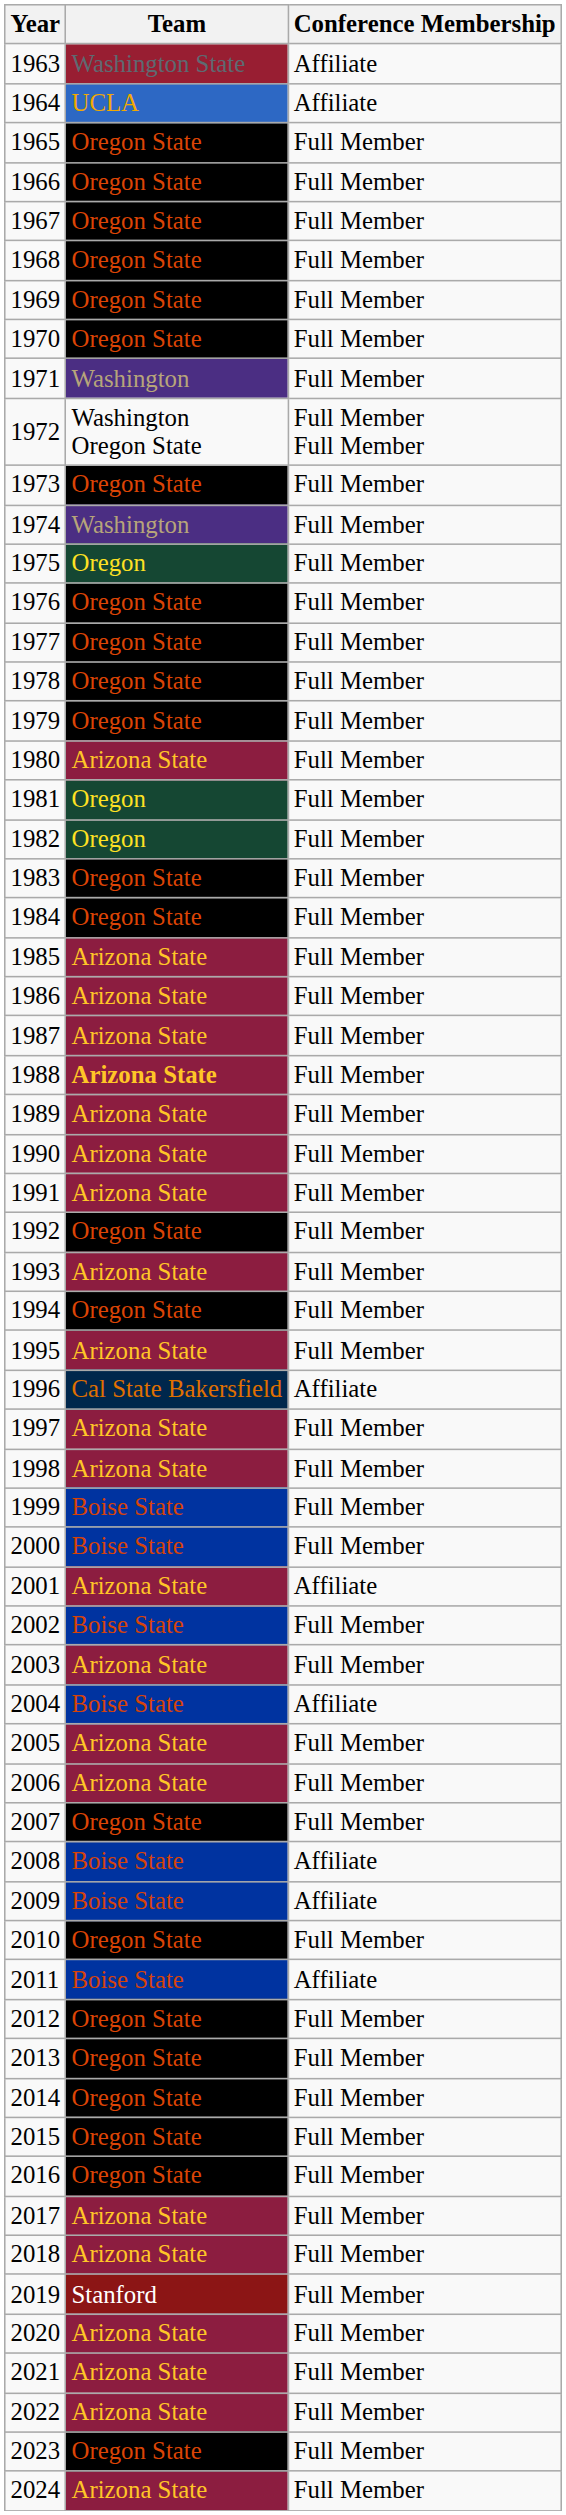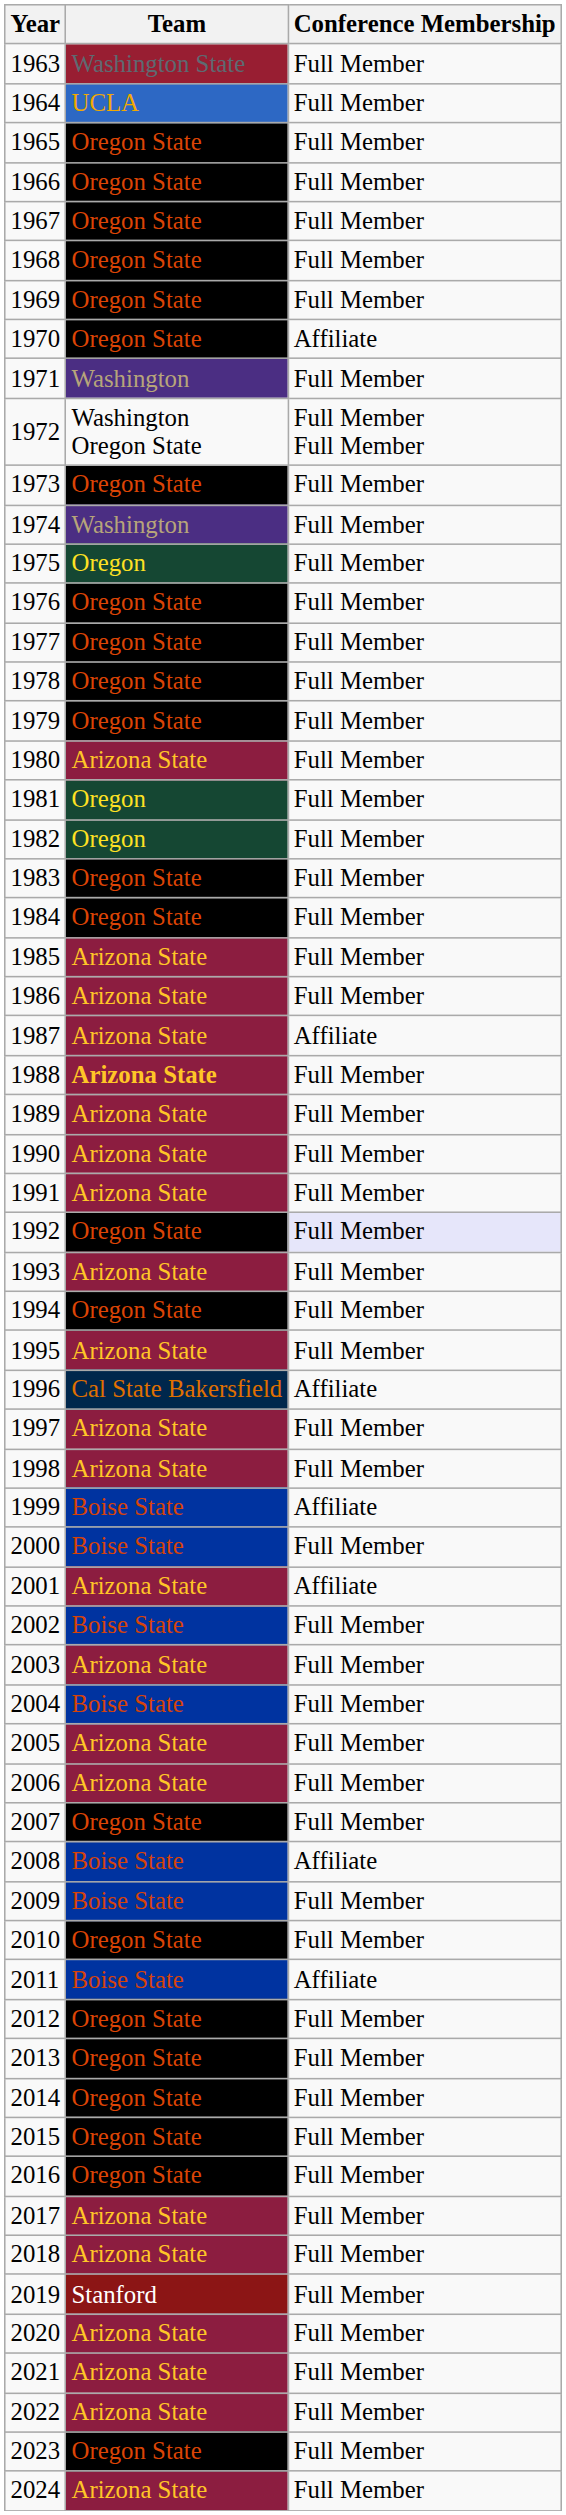 <table class="wikitable">
 <tr>
 <th>Year</th>
 <th>Team</th>
 <th>Conference Membership</th>
 </tr>
 <tr>
 <td>1963</td>
 <td style="background:#981E32; color:#5E6A71;">Washington State</td>
-<td>Affiliate</td>
+<td>Full Member</td>
 </tr>
 <tr>
 <td>1964</td>
 <td style="background:#2D68C4; color:#F2A900;">UCLA</td>
-<td>Affiliate</td>
+<td>Full Member</td>
 </tr>
 <tr>
 <td>1965</td>
 <td style="background:#000000; color:#DC4405;">Oregon State</td>
 <td>Full Member</td>
 </tr>
 <tr>
 <td>1966</td>
 <td style="background:#000000; color:#DC4405;">Oregon State</td>
 <td>Full Member</td>
 </tr>
 <tr>
 <td>1967</td>
 <td style="background:#000000; color:#DC4405;">Oregon State</td>
 <td>Full Member</td>
 </tr>
 <tr>
 <td>1968</td>
 <td style="background:#000000; color:#DC4405;">Oregon State</td>
 <td>Full Member</td>
 </tr>
 <tr>
 <td>1969</td>
 <td style="background:#000000; color:#DC4405;">Oregon State</td>
 <td>Full Member</td>
 </tr>
 <tr>
 <td>1970</td>
 <td style="background:#000000; color:#DC4405;">Oregon State</td>
-<td>Full Member</td>
+<td>Affiliate</td>
 </tr>
 <tr>
 <td>1971</td>
 <td style="background:#4B2E83; color:#B7A57A;">Washington</td>
 <td>Full Member</td>
 </tr>
 <tr>
 <td>1972</td>
 <td>Washington <br> Oregon State</td>
 <td>Full Member <br> Full Member</td>
 </tr>
 <tr>
 <td>1973</td>
 <td style="background:#000000; color:#DC4405;">Oregon State</td>
 <td>Full Member</td>
 </tr>
 <tr>
 <td>1974</td>
 <td style="background:#4B2E83; color:#B7A57A;">Washington</td>
 <td>Full Member</td>
 </tr>
 <tr>
 <td>1975</td>
 <td style="background:#154733; color:#FEE123;">Oregon</td>
 <td>Full Member</td>
 </tr>
 <tr>
 <td>1976</td>
 <td style="background:#000000; color:#DC4405;">Oregon State</td>
 <td>Full Member</td>
 </tr>
 <tr>
 <td>1977</td>
 <td style="background:#000000; color:#DC4405;">Oregon State</td>
 <td>Full Member</td>
 </tr>
 <tr>
 <td>1978</td>
 <td style="background:#000000; color:#DC4405;">Oregon State</td>
 <td>Full Member</td>
 </tr>
 <tr>
 <td>1979</td>
 <td style="background:#000000; color:#DC4405;">Oregon State</td>
 <td>Full Member</td>
 </tr>
 <tr>
 <td>1980</td>
 <td style="background:#8C1D40; color:#FFC627;">Arizona State</td>
 <td>Full Member</td>
 </tr>
 <tr>
 <td>1981</td>
 <td style="background:#154733; color:#FEE123;">Oregon</td>
 <td>Full Member</td>
 </tr>
 <tr>
 <td>1982</td>
 <td style="background:#154733; color:#FEE123;">Oregon</td>
 <td>Full Member</td>
 </tr>
 <tr>
 <td>1983</td>
 <td style="background:#000000; color:#DC4405;">Oregon State</td>
 <td>Full Member</td>
 </tr>
 <tr>
 <td>1984</td>
 <td style="background:#000000; color:#DC4405;">Oregon State</td>
 <td>Full Member</td>
 </tr>
 <tr>
 <td>1985</td>
 <td style="background:#8C1D40; color:#FFC627;">Arizona State</td>
 <td>Full Member</td>
 </tr>
 <tr>
 <td>1986</td>
 <td style="background:#8C1D40; color:#FFC627;">Arizona State</td>
 <td>Full Member</td>
 </tr>
 <tr>
 <td>1987</td>
 <td style="background:#8C1D40; color:#FFC627;">Arizona State</td>
-<td>Full Member</td>
+<td>Affiliate</td>
 </tr>
 <tr>
 <td>1988</td>
 <td style="background:#8C1D40; color:#FFC627;"><strong>Arizona State</strong></td>
 <td>Full Member</td>
 </tr>
 <tr>
 <td>1989</td>
 <td style="background:#8C1D40; color:#FFC627;">Arizona State</td>
 <td>Full Member</td>
 </tr>
 <tr>
 <td>1990</td>
 <td style="background:#8C1D40; color:#FFC627;">Arizona State</td>
 <td>Full Member</td>
 </tr>
 <tr>
 <td>1991</td>
 <td style="background:#8C1D40; color:#FFC627;">Arizona State</td>
 <td>Full Member</td>
 </tr>
 <tr>
 <td>1992</td>
 <td style="background:#000000; color:#DC4405;">Oregon State</td>
-<td>Full Member</td>
+<td style="background: lavender;">Full Member</td>
 </tr>
 <tr>
 <td>1993</td>
 <td style="background:#8C1D40; color:#FFC627;">Arizona State</td>
 <td>Full Member</td>
 </tr>
 <tr>
 <td>1994</td>
 <td style="background:#000000; color:#DC4405;">Oregon State</td>
 <td>Full Member</td>
 </tr>
 <tr>
 <td>1995</td>
 <td style="background:#8C1D40; color:#FFC627;">Arizona State</td>
 <td>Full Member</td>
 </tr>
 <tr>
 <td>1996</td>
 <td style="background:#00274C; color:#E17000;">Cal State Bakersfield</td>
 <td>Affiliate</td>
 </tr>
 <tr>
 <td>1997</td>
 <td style="background:#8C1D40; color:#FFC627;">Arizona State</td>
 <td>Full Member</td>
 </tr>
 <tr>
 <td>1998</td>
 <td style="background:#8C1D40; color:#FFC627;">Arizona State</td>
 <td>Full Member</td>
 </tr>
 <tr>
 <td>1999</td>
 <td style="background:#0033A0; color:#D64309;">Boise State</td>
-<td>Full Member</td>
+<td>Affiliate</td>
 </tr>
 <tr>
 <td>2000</td>
 <td style="background:#0033A0; color:#D64309;">Boise State</td>
 <td>Full Member</td>
 </tr>
 <tr>
 <td>2001</td>
 <td style="background:#8C1D40; color:#FFC627;">Arizona State</td>
 <td>Affiliate</td>
 </tr>
 <tr>
 <td>2002</td>
 <td style="background:#0033A0; color:#D64309;">Boise State</td>
 <td>Full Member</td>
 </tr>
 <tr>
 <td>2003</td>
 <td style="background:#8C1D40; color:#FFC627;">Arizona State</td>
 <td>Full Member</td>
 </tr>
 <tr>
 <td>2004</td>
 <td style="background:#0033A0; color:#D64309;">Boise State</td>
-<td>Affiliate</td>
+<td>Full Member</td>
 </tr>
 <tr>
 <td>2005</td>
 <td style="background:#8C1D40; color:#FFC627;">Arizona State</td>
 <td>Full Member</td>
 </tr>
 <tr>
 <td>2006</td>
 <td style="background:#8C1D40; color:#FFC627;">Arizona State</td>
 <td>Full Member</td>
 </tr>
 <tr>
 <td>2007</td>
 <td style="background:#000000; color:#DC4405;">Oregon State</td>
 <td>Full Member</td>
 </tr>
 <tr>
 <td>2008</td>
 <td style="background:#0033A0; color:#D64309;">Boise State</td>
 <td>Affiliate</td>
 </tr>
 <tr>
 <td>2009</td>
 <td style="background:#0033A0; color:#D64309;">Boise State</td>
-<td>Affiliate</td>
+<td>Full Member</td>
 </tr>
 <tr>
 <td>2010</td>
 <td style="background:#000000; color:#DC4405;">Oregon State</td>
 <td>Full Member</td>
 </tr>
 <tr>
 <td>2011</td>
 <td style="background:#0033A0; color:#D64309;">Boise State</td>
 <td>Affiliate</td>
 </tr>
 <tr>
 <td>2012</td>
 <td style="background:#000000; color:#DC4405;">Oregon State</td>
 <td>Full Member</td>
 </tr>
 <tr>
 <td>2013</td>
 <td style="background:#000000; color:#DC4405;">Oregon State</td>
 <td>Full Member</td>
 </tr>
 <tr>
 <td>2014</td>
 <td style="background:#000000; color:#DC4405;">Oregon State</td>
 <td>Full Member</td>
 </tr>
 <tr>
 <td>2015</td>
 <td style="background:#000000; color:#DC4405;">Oregon State</td>
 <td>Full Member</td>
 </tr>
 <tr>
 <td>2016</td>
 <td style="background:#000000; color:#DC4405;">Oregon State</td>
 <td>Full Member</td>
 </tr>
 <tr>
 <td>2017</td>
 <td style="background:#8C1D40; color:#FFC627;">Arizona State</td>
 <td>Full Member</td>
 </tr>
 <tr>
 <td>2018</td>
 <td style="background:#8C1D40; color:#FFC627;">Arizona State</td>
 <td>Full Member</td>
 </tr>
 <tr>
 <td>2019</td>
 <td style="background:#8C1515; color:#FFFFFF;">Stanford</td>
 <td>Full Member</td>
 </tr>
 <tr>
 <td>2020</td>
 <td style="background:#8C1D40; color:#FFC627;">Arizona State</td>
 <td>Full Member</td>
 </tr>
 <tr>
 <td>2021</td>
 <td style="background:#8C1D40; color:#FFC627;">Arizona State</td>
 <td>Full Member</td>
 </tr>
 <tr>
 <td>2022</td>
 <td style="background:#8C1D40; color:#FFC627;">Arizona State</td>
 <td>Full Member</td>
 </tr>
 <tr>
 <td>2023</td>
 <td style="background:#000000; color:#DC4405;">Oregon State</td>
 <td>Full Member</td>
 </tr>
 <tr>
 <td>2024</td>
 <td style="background:#8C1D40; color:#FFC627;">Arizona State</td>
 <td>Full Member</td>
 </tr>
 <tr>
 </tr>
 </table>
